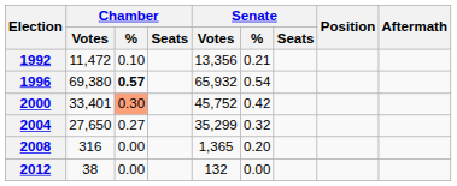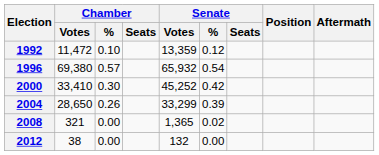 <table class="wikitable" style="text-align:center">
 <tr>
 <th rowspan="2">Election</th>
 <th colspan="3"><a href='#'>Chamber</a></th>
 <th colspan="3"><a href='#'>Senate</a></th>
 <th rowspan="2">Position</th>
 <th rowspan="2">Aftermath</th>
 </tr>
 <tr>
 <th>Votes</th>
 <th>%</th>
 <th>Seats</th>
 <th>Votes</th>
 <th>%</th>
 <th>Seats</th>
 </tr>
 <tr>
 <th><a href='#'>1992</a></th>
 <td>11,472</td>
 <td>0.10</td>
 <td></td>
-<td>13,356</td>
-<td>0.21</td>
+<td>13,359</td>
+<td>0.12</td>
 <td></td>
 <td></td>
 <td></td>
 </tr>
 <tr>
 <th><a href='#'>1996</a></th>
 <td>69,380</td>
-<td><strong>0.57</strong></td>
+<td>0.57</td>
 <td></td>
 <td>65,932</td>
 <td>0.54</td>
 <td></td>
 <td></td>
 <td></td>
 </tr>
 <tr>
 <th><a href='#'>2000</a></th>
-<td>33,401</td>
-<td style="background: lightsalmon;">0.30</td>
+<td>33,410</td>
+<td>0.30</td>
 <td></td>
-<td>45,752</td>
+<td>45,252</td>
 <td>0.42</td>
 <td></td>
 <td></td>
 <td></td>
 </tr>
 <tr>
 <th><a href='#'>2004</a></th>
-<td>27,650</td>
-<td>0.27</td>
+<td>28,650</td>
+<td>0.26</td>
 <td></td>
-<td>35,299</td>
-<td>0.32</td>
+<td>33,299</td>
+<td>0.39</td>
 <td></td>
 <td></td>
 <td></td>
 </tr>
 <tr>
 <th><a href='#'>2008</a></th>
-<td>316</td>
+<td>321</td>
 <td>0.00</td>
 <td></td>
 <td>1,365</td>
-<td>0.20</td>
+<td>0.02</td>
 <td></td>
 <td></td>
 <td></td>
 </tr>
 <tr>
 <th><a href='#'>2012</a></th>
 <td>38</td>
 <td>0.00</td>
 <td></td>
 <td>132</td>
 <td>0.00</td>
 <td></td>
 <td></td>
 <td></td>
 </tr>
 </table>
